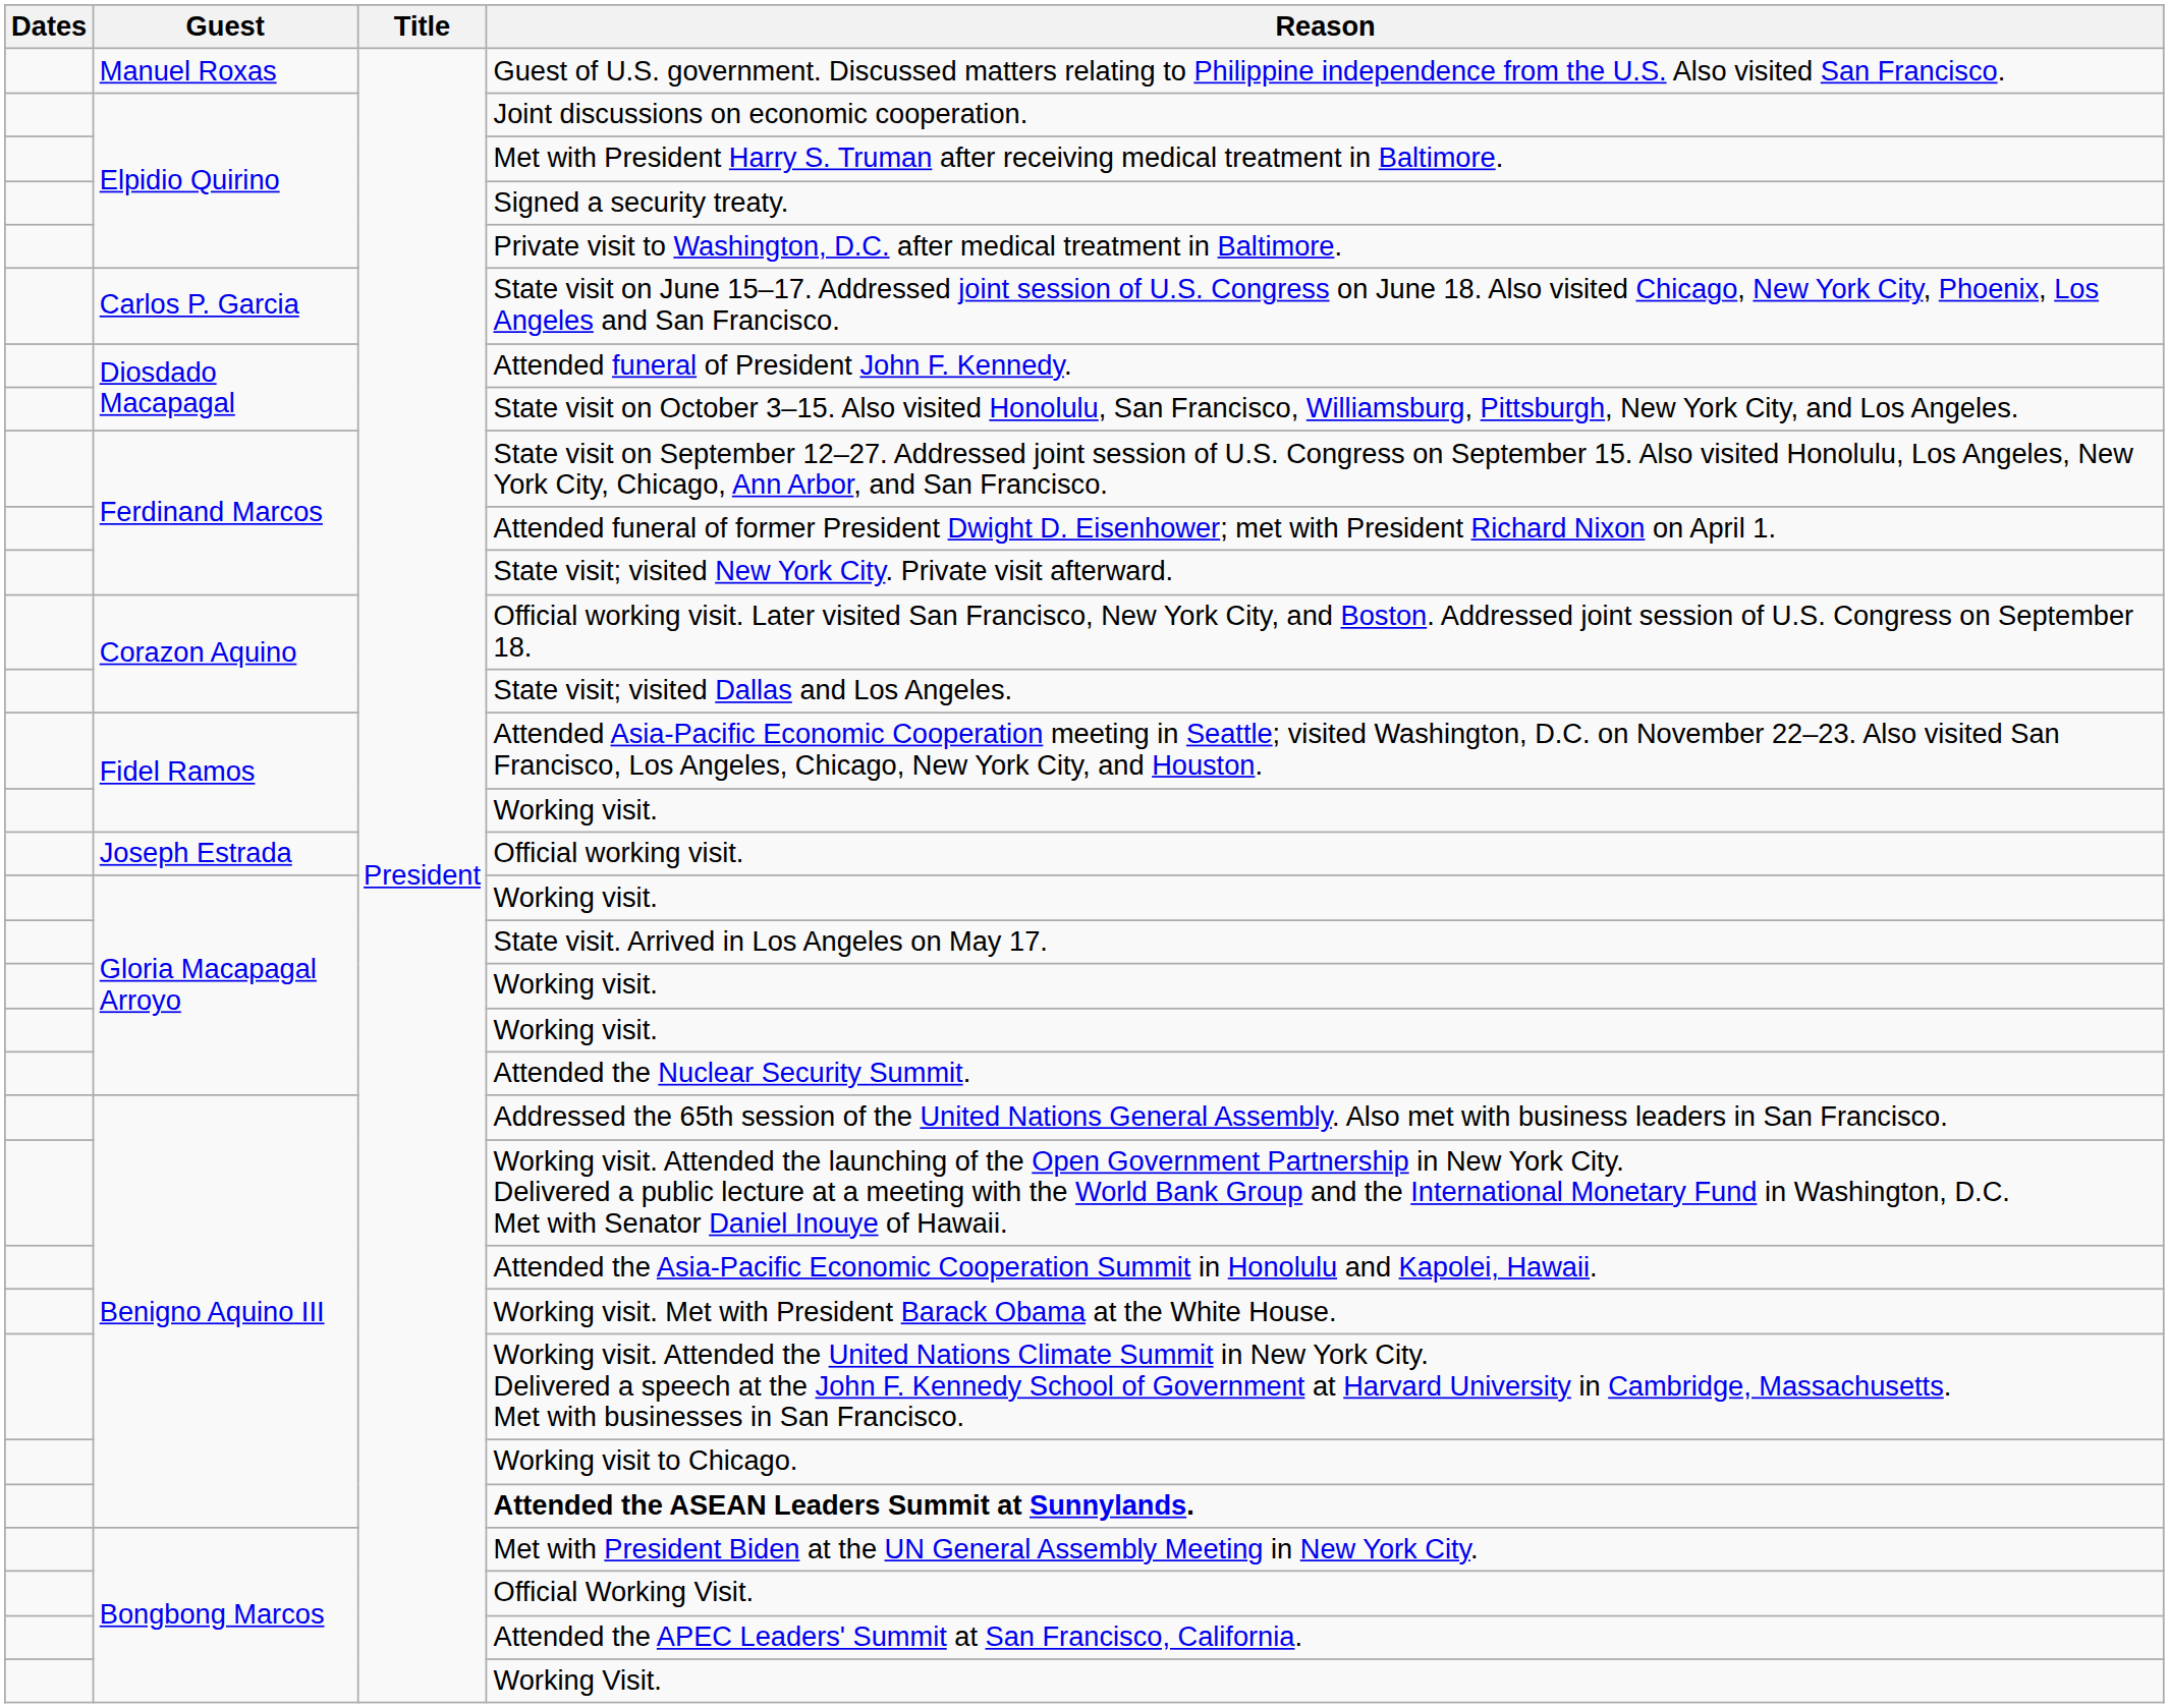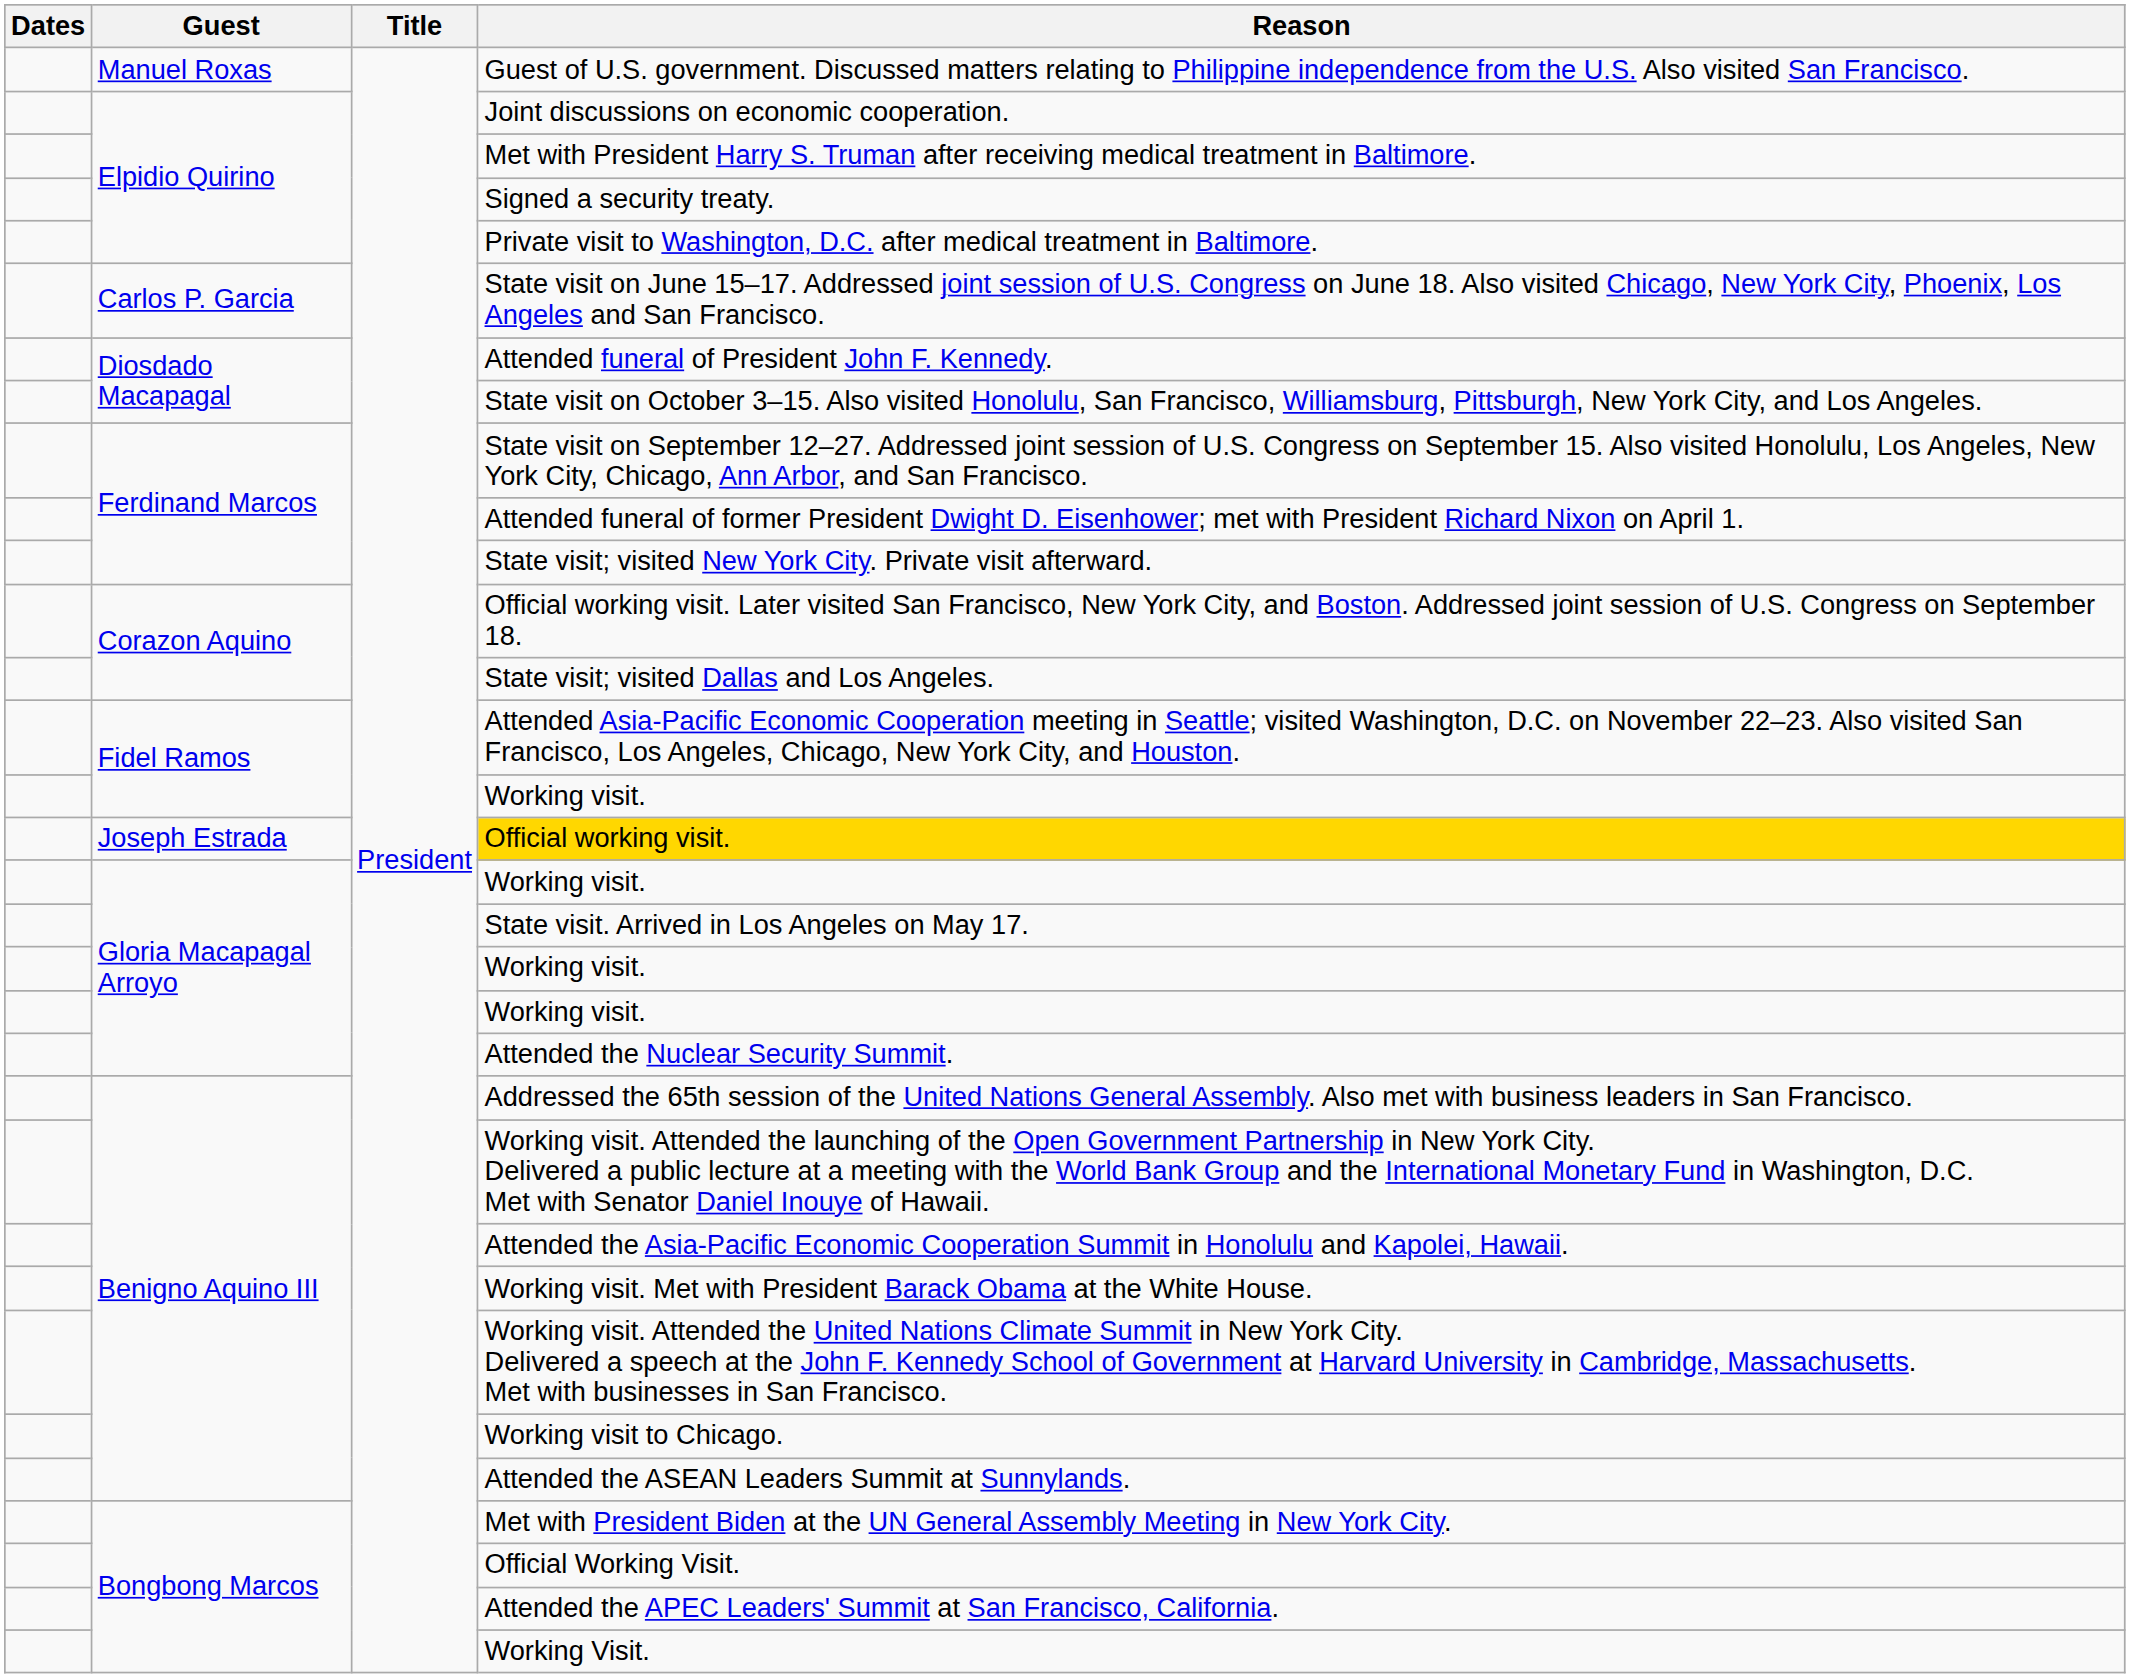 <table class="wikitable sortable">
 <tr>
 <th>Dates</th>
 <th>Guest</th>
 <th>Title</th>
 <th>Reason</th>
 </tr>
 <tr>
 <td></td>
 <td><a href='#'>Manuel Roxas</a></td>
 <td rowspan="32"><a href='#'>President</a></td>
 <td>Guest of U.S. government. Discussed matters relating to <a href='#'>Philippine independence from the U.S.</a> Also visited <a href='#'>San Francisco</a>.</td>
 </tr>
 <tr>
 <td></td>
 <td rowspan=4><a href='#'>Elpidio Quirino</a></td>
 <td>Joint discussions on economic cooperation.</td>
 </tr>
 <tr>
 <td></td>
 <td>Met with President <a href='#'>Harry S. Truman</a> after receiving medical treatment in <a href='#'>Baltimore</a>.</td>
 </tr>
 <tr>
 <td></td>
 <td>Signed a security treaty.</td>
 </tr>
 <tr>
 <td></td>
 <td>Private visit to <a href='#'>Washington, D.C.</a> after medical treatment in <a href='#'>Baltimore</a>.</td>
 </tr>
 <tr>
 <td></td>
 <td><a href='#'>Carlos P. Garcia</a></td>
 <td>State visit on June 15–17. Addressed <a href='#'>joint session of U.S. Congress</a> on June 18. Also visited <a href='#'>Chicago</a>, <a href='#'>New York City</a>, <a href='#'>Phoenix</a>, <a href='#'>Los Angeles</a> and San Francisco.</td>
 </tr>
 <tr>
 <td></td>
 <td rowspan=2><a href='#'>Diosdado Macapagal</a></td>
 <td>Attended <a href='#'>funeral</a> of President <a href='#'>John F. Kennedy</a>.</td>
 </tr>
 <tr>
 <td></td>
 <td>State visit on October 3–15. Also visited <a href='#'>Honolulu</a>, San Francisco, <a href='#'>Williamsburg</a>, <a href='#'>Pittsburgh</a>, New York City, and Los Angeles.</td>
 </tr>
 <tr>
 <td></td>
 <td rowspan=3><a href='#'>Ferdinand Marcos</a></td>
 <td>State visit on September 12–27. Addressed joint session of U.S. Congress on September 15. Also visited Honolulu, Los Angeles, New York City, Chicago, <a href='#'>Ann Arbor</a>, and San Francisco.</td>
 </tr>
 <tr>
 <td></td>
 <td>Attended funeral of former President <a href='#'>Dwight D. Eisenhower</a>; met with President <a href='#'>Richard Nixon</a> on April 1.</td>
 </tr>
 <tr>
 <td></td>
 <td>State visit; visited <a href='#'>New York City</a>. Private visit afterward.</td>
 </tr>
 <tr>
 <td></td>
 <td rowspan=2><a href='#'>Corazon Aquino</a></td>
 <td>Official working visit. Later visited San Francisco, New York City, and <a href='#'>Boston</a>. Addressed joint session of U.S. Congress on September 18.</td>
 </tr>
 <tr>
 <td></td>
 <td>State visit; visited <a href='#'>Dallas</a> and Los Angeles.</td>
 </tr>
 <tr>
 <td></td>
 <td rowspan=2><a href='#'>Fidel Ramos</a></td>
 <td>Attended <a href='#'>Asia-Pacific Economic Cooperation</a> meeting in <a href='#'>Seattle</a>; visited Washington, D.C. on November 22–23. Also visited San Francisco, Los Angeles, Chicago, New York City, and <a href='#'>Houston</a>.</td>
 </tr>
 <tr>
 <td></td>
 <td>Working visit.</td>
 </tr>
 <tr>
 <td></td>
 <td><a href='#'>Joseph Estrada</a></td>
-<td>Official working visit.</td>
+<td style="background: gold;">Official working visit.</td>
 </tr>
 <tr>
 <td></td>
 <td rowspan=5><a href='#'>Gloria Macapagal Arroyo</a></td>
 <td>Working visit.</td>
 </tr>
 <tr>
 <td></td>
 <td>State visit. Arrived in Los Angeles on May 17.</td>
 </tr>
 <tr>
 <td></td>
 <td>Working visit.</td>
 </tr>
 <tr>
 <td></td>
 <td>Working visit.</td>
 </tr>
 <tr>
 <td></td>
 <td>Attended the <a href='#'>Nuclear Security Summit</a>.</td>
 </tr>
 <tr>
 <td></td>
 <td rowspan="7"><a href='#'>Benigno Aquino III</a></td>
 <td>Addressed the 65th session of the <a href='#'>United Nations General Assembly</a>. Also met with business leaders in San Francisco.</td>
 </tr>
 <tr>
 <td></td>
 <td>Working visit. Attended the launching of the <a href='#'>Open Government Partnership</a> in New York City.<br>Delivered a public lecture at a meeting with the <a href='#'>World Bank Group</a> and the <a href='#'>International Monetary Fund</a> in Washington, D.C.<br>Met with Senator <a href='#'>Daniel Inouye</a> of Hawaii.</td>
 </tr>
 <tr>
 <td></td>
 <td>Attended the <a href='#'>Asia-Pacific Economic Cooperation Summit</a> in <a href='#'>Honolulu</a> and <a href='#'>Kapolei, Hawaii</a>.</td>
 </tr>
 <tr>
 <td></td>
 <td>Working visit. Met with President <a href='#'>Barack Obama</a> at the White House.</td>
 </tr>
 <tr>
 <td></td>
 <td>Working visit. Attended the <a href='#'>United Nations Climate Summit</a> in New York City.<br>Delivered a speech at the <a href='#'>John F. Kennedy School of Government</a> at <a href='#'>Harvard University</a> in <a href='#'>Cambridge, Massachusetts</a>.<br>Met with businesses in San Francisco.</td>
 </tr>
 <tr>
 <td></td>
 <td>Working visit to Chicago.</td>
 </tr>
 <tr>
 <td></td>
-<td><strong>Attended the ASEAN Leaders Summit at <a href='#'>Sunnylands</a>.</strong></td>
+<td>Attended the ASEAN Leaders Summit at <a href='#'>Sunnylands</a>.</td>
 </tr>
 <tr>
 <td></td>
 <td rowspan="4"><a href='#'>Bongbong Marcos</a></td>
 <td>Met with <a href='#'>President Biden</a> at the <a href='#'>UN General Assembly Meeting</a> in <a href='#'>New York City</a>.</td>
 </tr>
 <tr>
 <td></td>
 <td>Official Working Visit.</td>
 </tr>
 <tr>
 <td></td>
 <td>Attended the <a href='#'>APEC Leaders' Summit</a> at <a href='#'>San Francisco, California</a>.</td>
 </tr>
 <tr>
 <td></td>
 <td>Working Visit.</td>
 </tr>
 </table>
